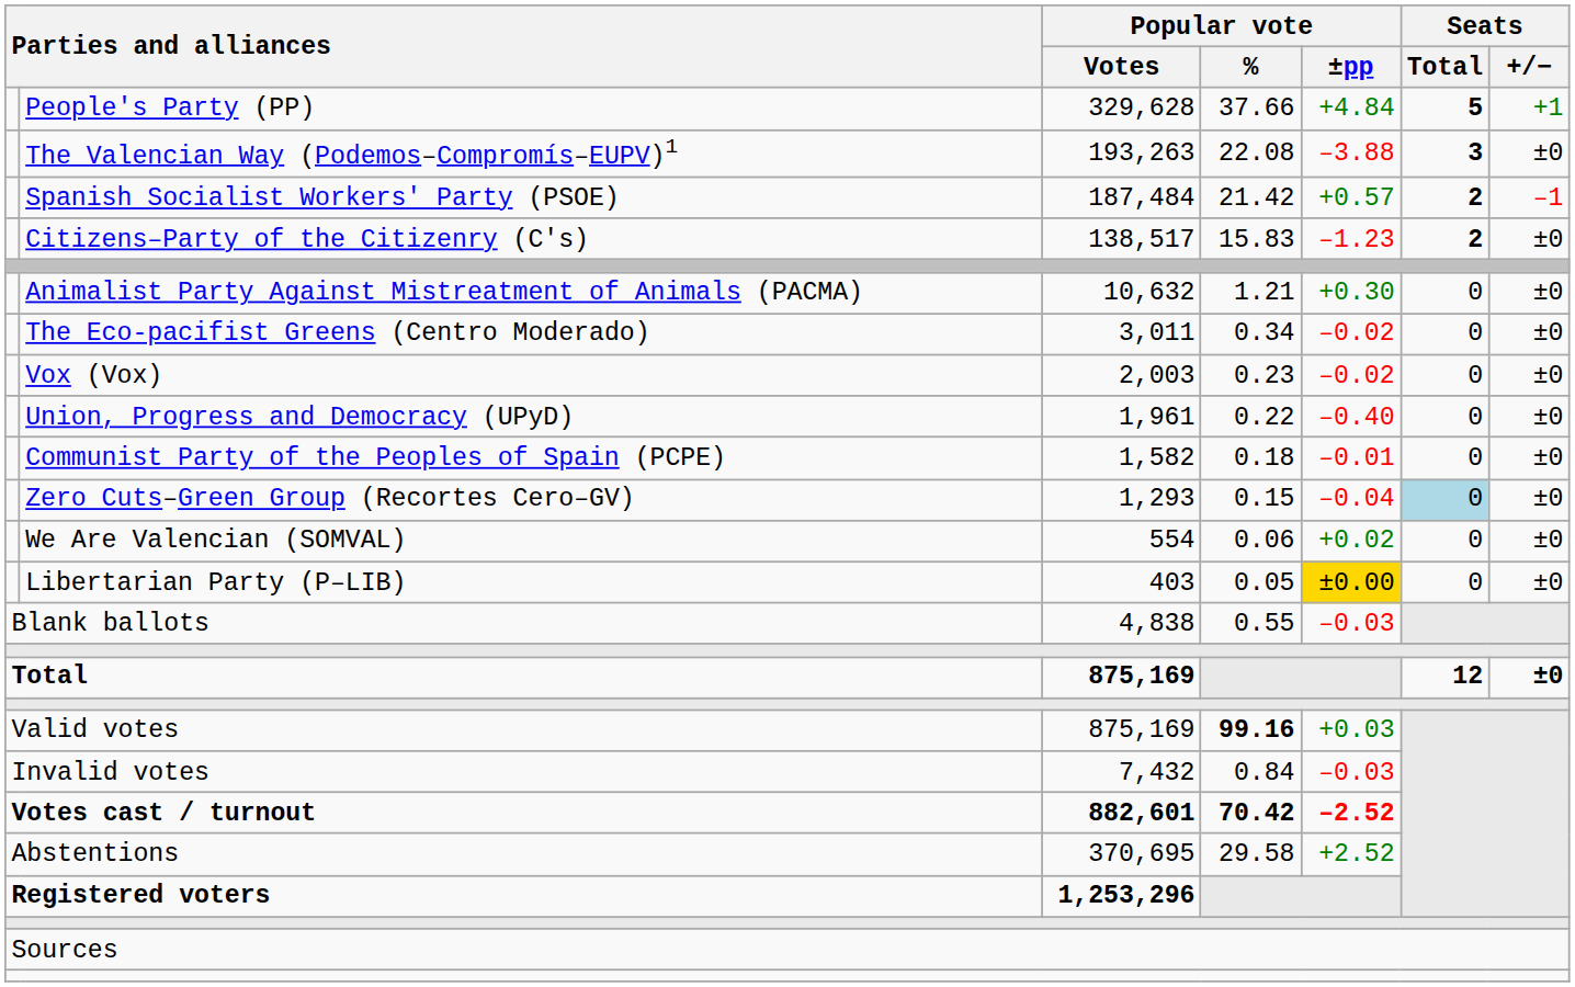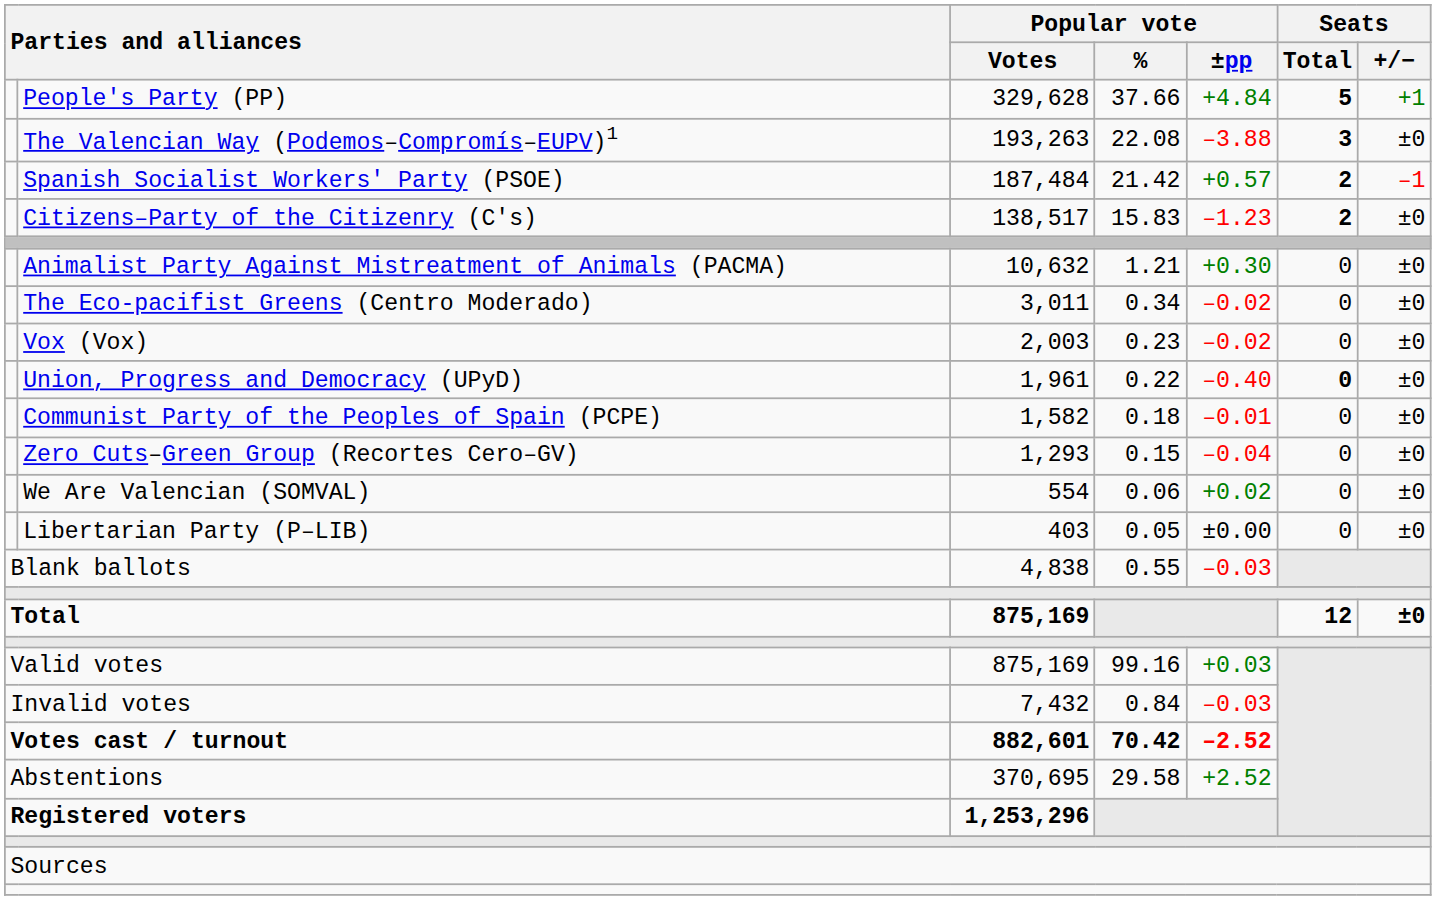 <table class="wikitable" style="text-align:right;">
 <tr>
 <th style="text-align:left;" rowspan="2" colspan="2" width="525">Parties and alliances</th>
 <th colspan="3">Popular vote</th>
 <th colspan="2">Seats</th>
 </tr>
 <tr>
 <th width="75">Votes</th>
 <th width="45">%</th>
 <th width="45">±<a href='#'>pp</a></th>
 <th width="35">Total</th>
 <th width="35">+/−</th>
 </tr>
 <tr>
 <td width="1" style="color:inherit;background:"></td>
 <td align="left"><a href='#'>People's Party</a> (PP)</td>
 <td>329,628</td>
 <td>37.66</td>
 <td style="color:green;">+4.84</td>
 <td><strong>5</strong></td>
 <td style="color:green;">+1</td>
 </tr>
 <tr>
 <td style="color:inherit;background:"></td>
 <td align="left"><a href='#'>The Valencian Way</a> (<a href='#'>Podemos</a>–<a href='#'>Compromís</a>–<a href='#'>EUPV</a>)<sup>1</sup></td>
 <td>193,263</td>
 <td>22.08</td>
 <td style="color:red;">–3.88</td>
 <td><strong>3</strong></td>
 <td>±0</td>
 </tr>
 <tr>
 <td style="color:inherit;background:"></td>
 <td align="left"><a href='#'>Spanish Socialist Workers' Party</a> (PSOE)</td>
 <td>187,484</td>
 <td>21.42</td>
 <td style="color:green;">+0.57</td>
 <td><strong>2</strong></td>
 <td style="color:red;">–1</td>
 </tr>
 <tr>
 <td style="color:inherit;background:"></td>
 <td align="left"><a href='#'>Citizens–Party of the Citizenry</a> (C's)</td>
 <td>138,517</td>
 <td>15.83</td>
 <td style="color:red;">–1.23</td>
 <td><strong>2</strong></td>
 <td>±0</td>
 </tr>
 <tr>
 <td colspan="7" bgcolor="#C0C0C0"></td>
 </tr>
 <tr>
 <td style="color:inherit;background:"></td>
 <td align="left"><a href='#'>Animalist Party Against Mistreatment of Animals</a> (PACMA)</td>
 <td>10,632</td>
 <td>1.21</td>
 <td style="color:green;">+0.30</td>
 <td>0</td>
 <td>±0</td>
 </tr>
 <tr>
 <td style="color:inherit;background:"></td>
 <td align="left"><a href='#'>The Eco-pacifist Greens</a> (Centro Moderado)</td>
 <td>3,011</td>
 <td>0.34</td>
 <td style="color:red;">–0.02</td>
 <td>0</td>
 <td>±0</td>
 </tr>
 <tr>
 <td style="color:inherit;background:"></td>
 <td align="left"><a href='#'>Vox</a> (Vox)</td>
 <td>2,003</td>
 <td>0.23</td>
 <td style="color:red;">–0.02</td>
 <td>0</td>
 <td>±0</td>
 </tr>
 <tr>
 <td style="color:inherit;background:"></td>
 <td align="left"><a href='#'>Union, Progress and Democracy</a> (UPyD)</td>
 <td>1,961</td>
 <td>0.22</td>
 <td style="color:red;">–0.40</td>
-<td>0</td>
+<td><strong>0</strong></td>
 <td>±0</td>
 </tr>
 <tr>
 <td style="color:inherit;background:"></td>
 <td align="left"><a href='#'>Communist Party of the Peoples of Spain</a> (PCPE)</td>
 <td>1,582</td>
 <td>0.18</td>
 <td style="color:red;">–0.01</td>
 <td>0</td>
 <td>±0</td>
 </tr>
 <tr>
 <td style="color:inherit;background:"></td>
 <td align="left"><a href='#'>Zero Cuts</a>–<a href='#'>Green Group</a> (Recortes Cero–GV)</td>
 <td>1,293</td>
 <td>0.15</td>
 <td style="color:red;">–0.04</td>
-<td style="background: lightblue;">0</td>
+<td>0</td>
 <td>±0</td>
 </tr>
 <tr>
 <td style="color:inherit;background:"></td>
 <td align="left">We Are Valencian (SOMVAL)</td>
 <td>554</td>
 <td>0.06</td>
 <td style="color:green;">+0.02</td>
 <td>0</td>
 <td>±0</td>
 </tr>
 <tr>
 <td style="color:inherit;background:"></td>
 <td align="left">Libertarian Party (P–LIB)</td>
 <td>403</td>
 <td>0.05</td>
-<td style="background: gold;">±0.00</td>
+<td>±0.00</td>
 <td>0</td>
 <td>±0</td>
 </tr>
 <tr>
 <td align="left" colspan="2">Blank ballots</td>
 <td>4,838</td>
 <td>0.55</td>
 <td style="color:red;">–0.03</td>
 <td bgcolor="#E9E9E9" colspan="2"></td>
 </tr>
 <tr>
 <td colspan="7" bgcolor="#E9E9E9"></td>
 </tr>
 <tr style="font-weight:bold;">
 <td align="left" colspan="2">Total</td>
 <td>875,169</td>
 <td bgcolor="#E9E9E9" colspan="2"></td>
 <td>12</td>
 <td>±0</td>
 </tr>
 <tr>
 <td colspan="7" bgcolor="#E9E9E9"></td>
 </tr>
 <tr>
 <td align="left" colspan="2">Valid votes</td>
 <td>875,169</td>
-<td><strong>99.16</strong></td>
+<td>99.16</td>
 <td style="color:green;">+0.03</td>
 <td bgcolor="#E9E9E9" colspan="2" rowspan="5"></td>
 </tr>
 <tr>
 <td align="left" colspan="2">Invalid votes</td>
 <td>7,432</td>
 <td>0.84</td>
 <td style="color:red;">–0.03</td>
 </tr>
 <tr style="font-weight:bold;">
 <td align="left" colspan="2">Votes cast / turnout</td>
 <td>882,601</td>
 <td>70.42</td>
 <td style="color:red;">–2.52</td>
 </tr>
 <tr>
 <td align="left" colspan="2">Abstentions</td>
 <td>370,695</td>
 <td>29.58</td>
 <td style="color:green;">+2.52</td>
 </tr>
 <tr style="font-weight:bold;">
 <td align="left" colspan="2">Registered voters</td>
 <td>1,253,296</td>
 <td bgcolor="#E9E9E9" colspan="2"></td>
 </tr>
 <tr>
 <td colspan="7" bgcolor="#E9E9E9"></td>
 </tr>
 <tr>
 <td align="left" colspan="7">Sources</td>
 </tr>
 <tr>
 <td colspan="7" style="text-align:left; max-width:790px;"></td>
 </tr>
 </table>
